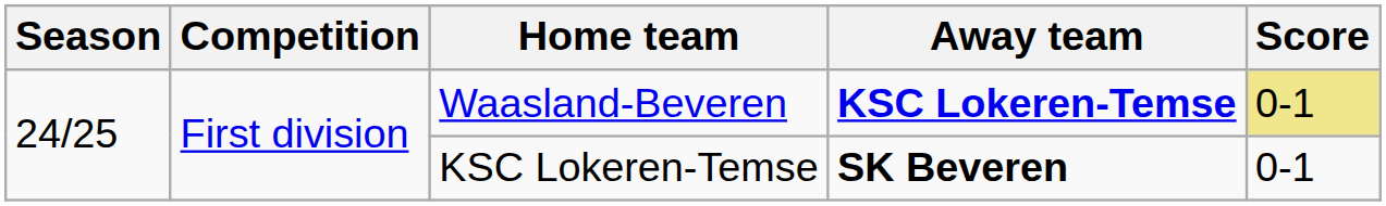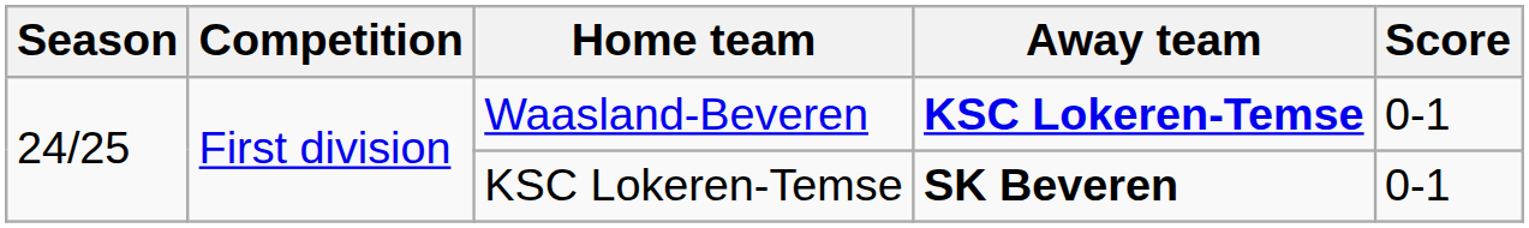 <table class="wikitable">
 <tr>
 <th>Season</th>
 <th>Competition</th>
 <th>Home team</th>
 <th>Away team</th>
 <th>Score</th>
 </tr>
 <tr>
 <td rowspan="2">24/25</td>
 <td rowspan="2"><a href='#'>First division</a></td>
 <td><a href='#'>Waasland-Beveren</a></td>
 <td><strong><a href='#'>KSC Lokeren-Temse</a></strong></td>
-<td style="background: khaki;">0-1</td>
+<td>0-1</td>
 </tr>
 <tr>
 <td>KSC Lokeren-Temse</td>
 <td><strong>SK Beveren</strong></td>
 <td>0-1</td>
 </tr>
 </table>
